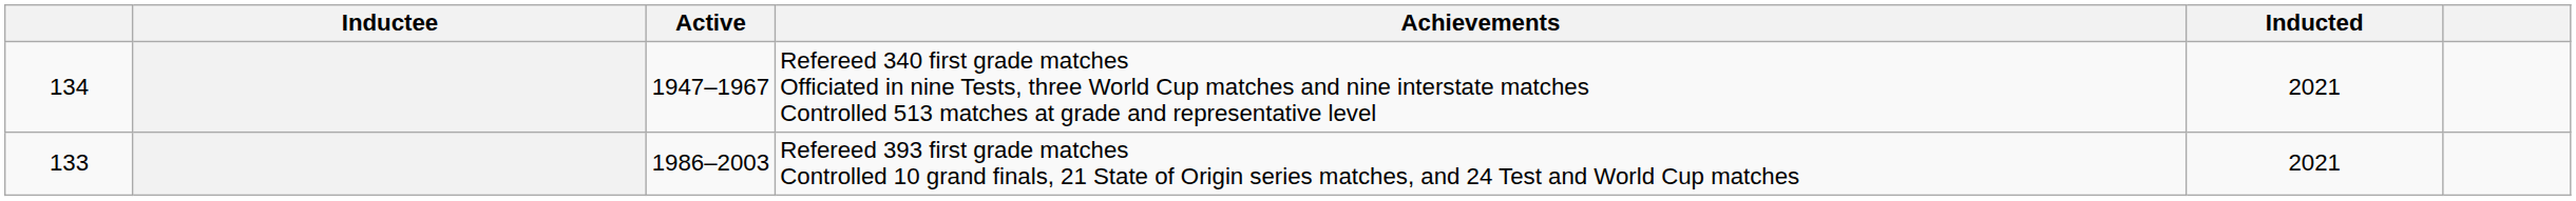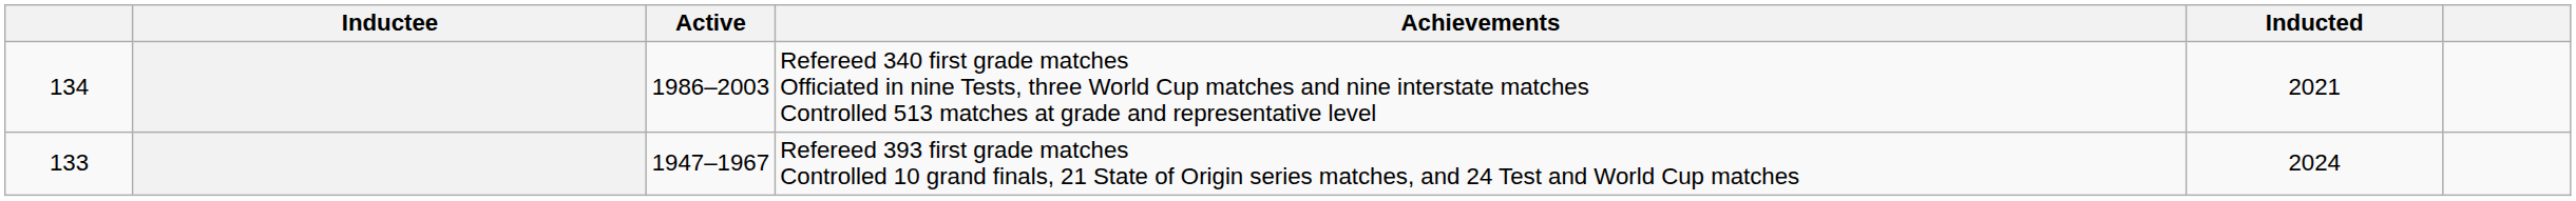 <table class="wikitable sortable" style="text-align:center">
 <tr>
 <th width="5%"></th>
 <th width="20%">Inductee</th>
 <th width="5%">Active</th>
 <th class="unsortable" style="width:55%;">Achievements</th>
 <th width="10%">Inducted</th>
 <th width="5%"></th>
 </tr>
 <tr>
 <td>134</td>
 <th></th>
-<td>1947–1967</td>
+<td>1986–2003</td>
 <td align="left">Refereed 340 first grade matches<br>Officiated in nine Tests, three World Cup matches and nine interstate matches<br>Controlled 513 matches at grade and representative level</td>
 <td>2021</td>
 <td></td>
 </tr>
 <tr>
 <td>133</td>
 <th></th>
-<td>1986–2003</td>
+<td>1947–1967</td>
 <td align="left">Refereed 393 first grade matches<br>Controlled 10 grand finals, 21 State of Origin series matches, and 24 Test and World Cup matches</td>
-<td>2021</td>
+<td>2024</td>
 <td></td>
 </tr>
 </table>
